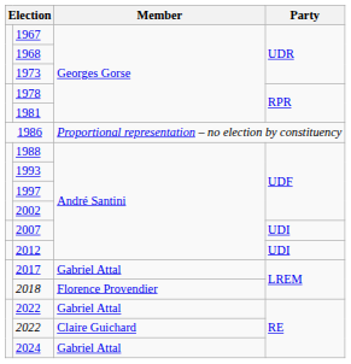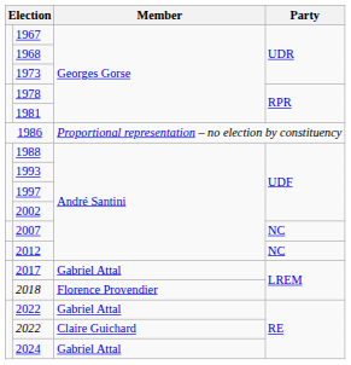 <table class="wikitable">
 <tr>
 <th colspan="2">Election</th>
 <th>Member</th>
 <th>Party</th>
 </tr>
 <tr>
 <td rowspan="3" style="color:inherit;background-color: "></td>
 <td><a href='#'>1967</a></td>
 <td rowspan="5"><a href='#'>Georges Gorse</a></td>
 <td rowspan="3"><a href='#'>UDR</a></td>
 </tr>
 <tr>
 <td><a href='#'>1968</a></td>
 </tr>
 <tr>
 <td><a href='#'>1973</a></td>
 </tr>
 <tr>
 <td rowspan="2" style="color:inherit;background-color: "></td>
 <td><a href='#'>1978</a></td>
 <td rowspan="2"><a href='#'>RPR</a></td>
 </tr>
 <tr>
 <td><a href='#'>1981</a></td>
 </tr>
 <tr>
 <td colspan="2" align="center"><a href='#'>1986</a></td>
 <td colspan="2"><em><a href='#'>Proportional representation</a> – no election by constituency</em></td>
 </tr>
 <tr>
 <td rowspan="4" style="color:inherit;background-color: "></td>
 <td><a href='#'>1988</a></td>
 <td rowspan="6"><a href='#'>André Santini</a></td>
 <td rowspan="4"><a href='#'>UDF</a></td>
 </tr>
 <tr>
 <td><a href='#'>1993</a></td>
 </tr>
 <tr>
 <td><a href='#'>1997</a></td>
 </tr>
 <tr>
 <td><a href='#'>2002</a></td>
 </tr>
 <tr>
 <td style="color:inherit;background-color: "></td>
 <td><a href='#'>2007</a></td>
-<td><a href='#'>UDI</a></td>
+<td><a href='#'>NC</a></td>
 </tr>
 <tr>
 <td style="color:inherit;background-color: "></td>
 <td><a href='#'>2012</a></td>
-<td><a href='#'>UDI</a></td>
+<td><a href='#'>NC</a></td>
 </tr>
 <tr>
 <td rowspan="2" style="color:inherit;background-color: "></td>
 <td><a href='#'>2017</a></td>
 <td><a href='#'>Gabriel Attal</a></td>
 <td rowspan="2"><a href='#'>LREM</a></td>
 </tr>
 <tr>
 <td><em>2018</em></td>
 <td><a href='#'>Florence Provendier</a></td>
 </tr>
 <tr>
 <td rowspan="3" style="color:inherit;background-color: "></td>
 <td><a href='#'>2022</a></td>
 <td><a href='#'>Gabriel Attal</a></td>
 <td rowspan="3"><a href='#'>RE</a></td>
 </tr>
 <tr>
 <td><em>2022</em></td>
 <td><a href='#'>Claire Guichard</a></td>
 </tr>
 <tr>
 <td><a href='#'>2024</a></td>
 <td><a href='#'>Gabriel Attal</a></td>
 </tr>
 </table>
